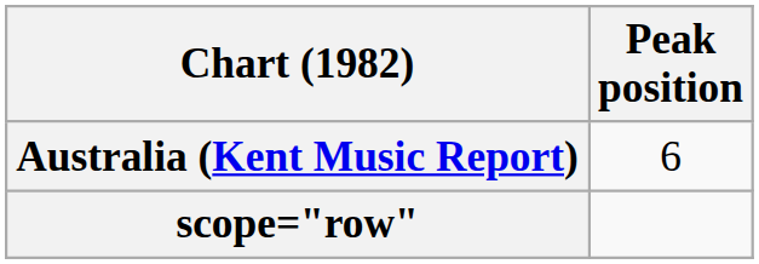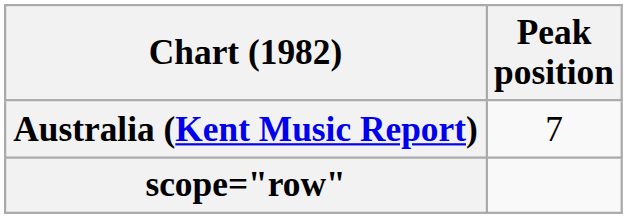 <table class="wikitable sortable plainrowheaders">
 <tr>
 <th scope="col">Chart (1982)</th>
 <th scope="col">Peak<br>position</th>
 </tr>
 <tr>
 <th scope="row">Australia (<a href='#'>Kent Music Report</a>)</th>
-<td style="text-align:center;">6</td>
+<td style="text-align:center;">7</td>
 </tr>
 <tr>
 <th>scope="row"</th>
 </tr>
 </table>
